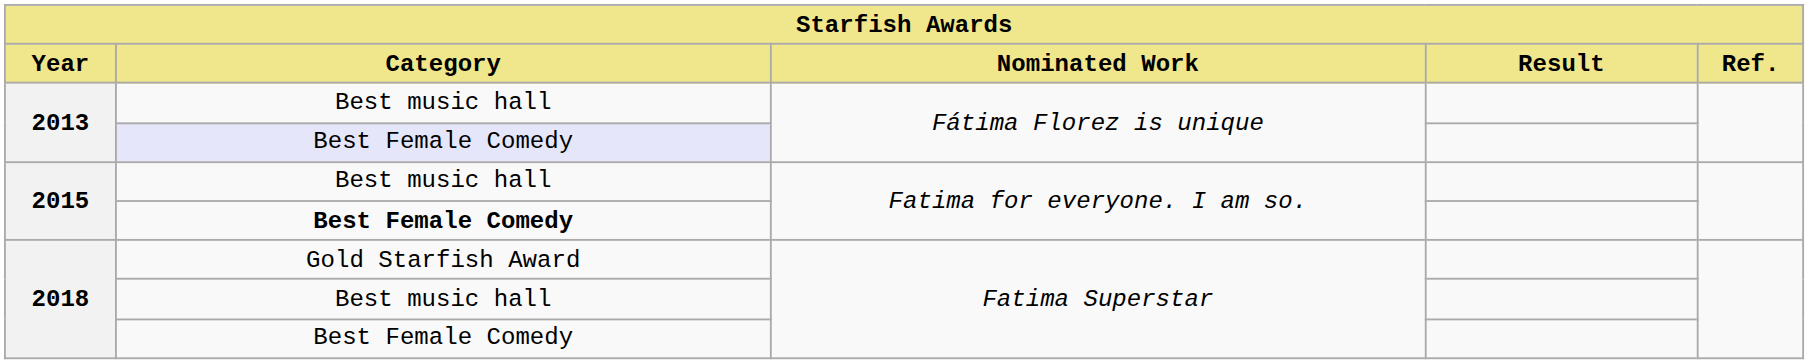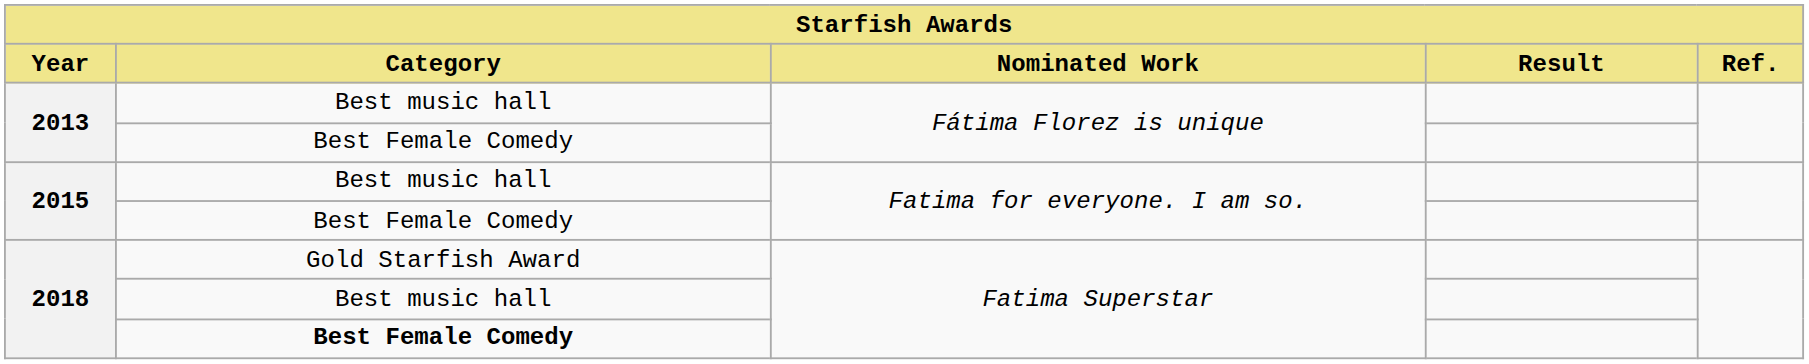 <table class="wikitable" width="77%">
 <tr>
 <th colspan="5" style="background:#F0E68C">Starfish Awards</th>
 </tr>
 <tr>
 <th width="33" style="background:#F0E68C">Year</th>
 <th width="225" style="background:#F0E68C">Category</th>
 <th width="225" style="background:#F0E68C">Nominated Work</th>
 <th width="90" style="background:#F0E68C">Result</th>
 <th width="5" style="background:#F0E68C">Ref.</th>
 </tr>
 <tr>
 <th rowspan="2">2013</th>
 <td align="center">Best music hall</td>
 <td rowspan="2" align="center"><em>Fátima Florez is unique</em></td>
 <td></td>
 <td rowspan="2" align="center"></td>
 </tr>
 <tr>
-<td align="center" style="background: lavender;">Best Female Comedy</td>
+<td align="center">Best Female Comedy</td>
 <td></td>
 </tr>
 <tr>
 <th rowspan="2">2015</th>
 <td align="center">Best music hall</td>
 <td rowspan="2" align="center"><em>Fatima for everyone. I am so.</em></td>
 <td></td>
 <td rowspan="2" align="center"></td>
 </tr>
 <tr>
-<td align="center"><strong>Best Female Comedy</strong></td>
+<td align="center">Best Female Comedy</td>
 <td></td>
 </tr>
 <tr>
 <th rowspan="3">2018</th>
 <td align="center">Gold Starfish Award</td>
 <td rowspan="3" align="center"><em>Fatima Superstar</em></td>
 <td></td>
 <td rowspan="3" align="center"></td>
 </tr>
 <tr>
 <td align="center">Best music hall</td>
 <td></td>
 </tr>
 <tr>
-<td align="center">Best Female Comedy</td>
+<td align="center"><strong>Best Female Comedy</strong></td>
 <td></td>
 </tr>
 </table>
